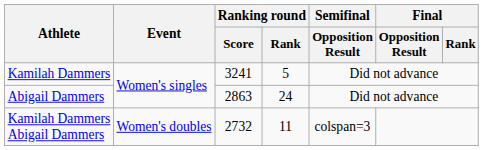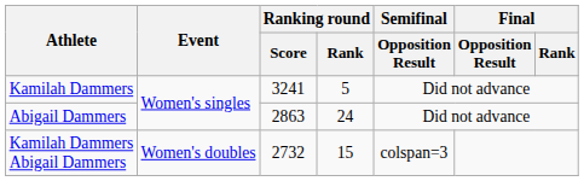 <table class=wikitable style=font-size:90%;text-align:center>
 <tr>
 <th rowspan=2>Athlete</th>
 <th rowspan=2>Event</th>
 <th colspan=2>Ranking round</th>
 <th>Semifinal</th>
 <th colspan=2>Final</th>
 </tr>
 <tr style=font-size:95%>
 <th>Score</th>
 <th>Rank</th>
 <th>Opposition<br>Result</th>
 <th>Opposition<br>Result</th>
 <th>Rank</th>
 </tr>
 <tr>
 <td align=left><a href='#'>Kamilah Dammers</a></td>
 <td align=left rowspan=2><a href='#'>Women's singles</a></td>
 <td>3241</td>
 <td>5</td>
 <td colspan="3">Did not advance</td>
 </tr>
 <tr>
 <td align=left><a href='#'>Abigail Dammers</a></td>
 <td>2863</td>
 <td>24</td>
 <td colspan=3>Did not advance</td>
 </tr>
 <tr>
 <td align=left><a href='#'>Kamilah Dammers</a><br><a href='#'>Abigail Dammers</a></td>
 <td align=left><a href='#'>Women's doubles</a></td>
 <td>2732</td>
-<td>11</td>
+<td>15</td>
 <td>colspan=3 </td>
 </tr>
 </table>
